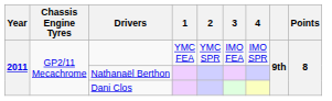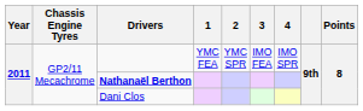 <table class="wikitable" style="text-align:center; font-size:85%;">
 <tr>
 <th>Year</th>
 <th>Chassis<br>Engine<br>Tyres</th>
 <th>Drivers</th>
 <th>1</th>
 <th>2</th>
 <th>3</th>
 <th>4</th>
 <th></th>
 <th>Points</th>
 </tr>
 <tr>
 <th rowspan=3><a href='#'>2011</a></th>
 <td rowspan=3><a href='#'>GP2/11</a><br><a href='#'>Mecachrome</a><br></td>
 <td></td>
 <td><a href='#'>YMC<br>FEA</a></td>
 <td><a href='#'>YMC<br>SPR</a></td>
 <td><a href='#'>IMO<br>FEA</a></td>
 <td><a href='#'>IMO<br>SPR</a></td>
 <th rowspan=3>9th</th>
 <th rowspan=3>8</th>
 </tr>
 <tr>
-<td align=left> <a href='#'>Nathanaël Berthon</a></td>
+<td align=left><strong> <a href='#'>Nathanaël Berthon</a></strong></td>
 <td style="background:#EFCFFF;"></td>
 <td style="background:#CFCFFF;"></td>
 <td style="background:#EFCFFF;"></td>
 <td style="background:#CFCFFF;"></td>
 </tr>
 <tr>
 <td align=left> <a href='#'>Dani Clos</a></td>
 <td style="background:#EFCFFF;"></td>
 <td style="background:#CFCFFF;"></td>
 <td style="background:#DFFFDF;"></td>
 <td style="background:#FBFFBF;"></td>
 </tr>
 </table>
